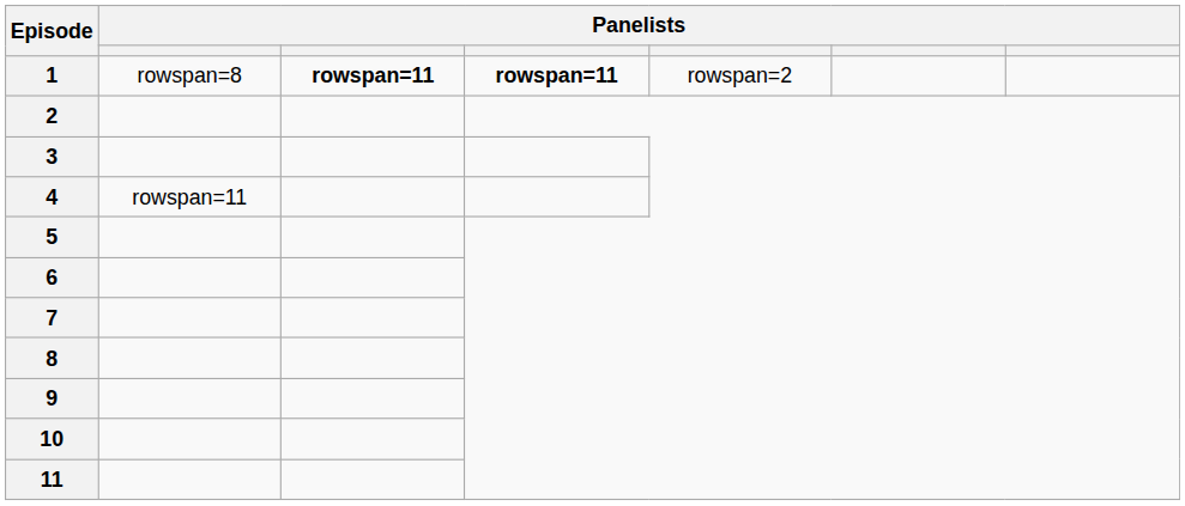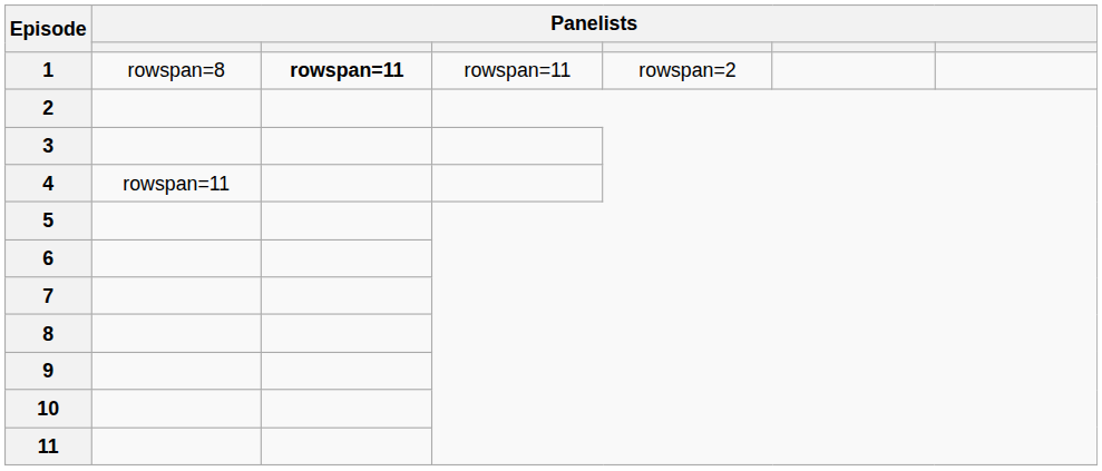 <table class="wikitable plainrowheaders mw-collapsible" style="text-align:center; line-height:23px; width:100%;">
 <tr>
 <th rowspan="2" width="1%">Episode</th>
 <th colspan="6">Panelists</th>
 </tr>
 <tr>
 <th width="16%"></th>
 <th width="16%"></th>
 <th width="16%"></th>
 <th width="16%"></th>
 <th width="16%"></th>
 <th width="16%"></th>
 </tr>
 <tr>
 <th>1</th>
 <td>rowspan=8 </td>
 <td><strong>rowspan=11 </strong></td>
-<td><strong>rowspan=11 </strong></td>
+<td>rowspan=11 </td>
 <td>rowspan=2 </td>
 <td></td>
 <td></td>
 </tr>
 <tr>
 <th>2</th>
 <td></td>
 <td></td>
 </tr>
 <tr>
 <th>3</th>
 <td></td>
 <td></td>
 <td></td>
 </tr>
 <tr>
 <th>4</th>
 <td>rowspan=11 </td>
 <td></td>
 <td></td>
 </tr>
 <tr>
 <th>5</th>
 <td></td>
 <td></td>
 </tr>
 <tr>
 <th>6</th>
 <td></td>
 <td></td>
 </tr>
 <tr>
 <th>7</th>
 <td></td>
 <td></td>
 </tr>
 <tr>
 <th>8</th>
 <td></td>
 <td></td>
 </tr>
 <tr>
 <th>9</th>
 <td></td>
 <td></td>
 </tr>
 <tr>
 <th>10</th>
 <td></td>
 <td></td>
 </tr>
 <tr>
 <th>11</th>
 <td></td>
 <td></td>
 </tr>
 </table>
